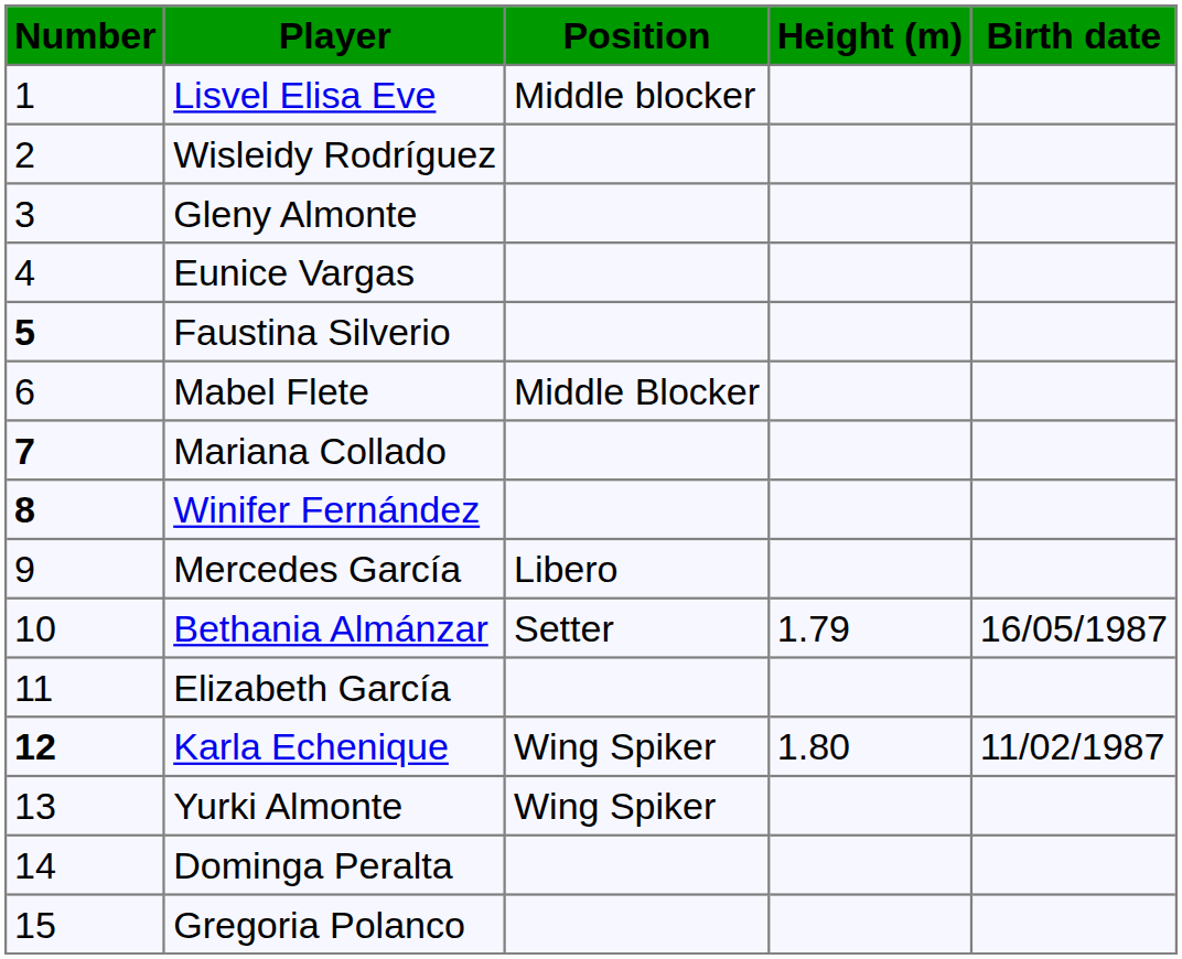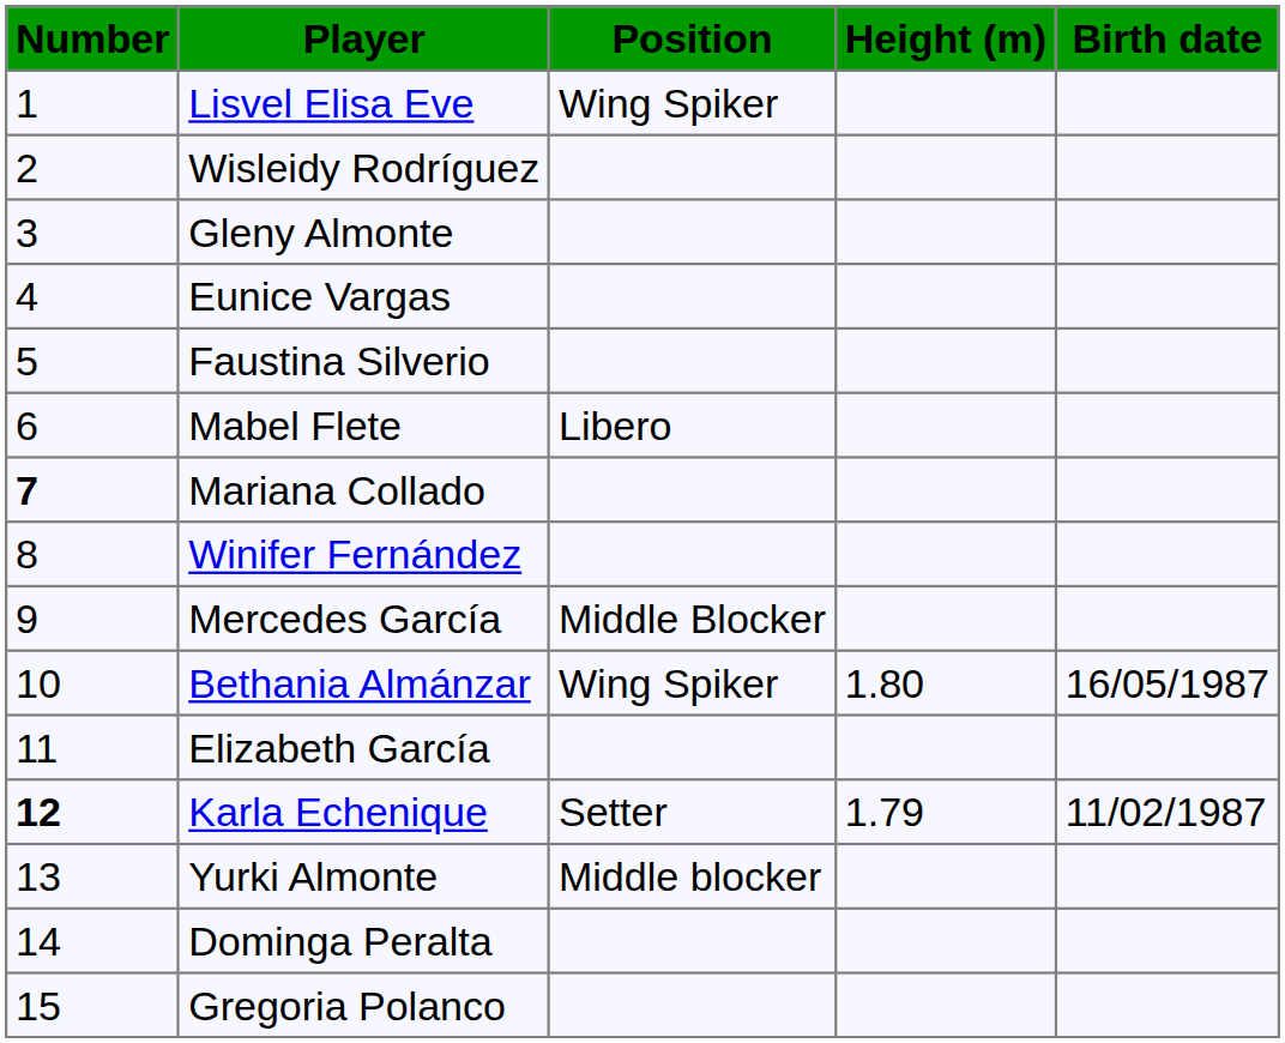 <table bgcolor="#f7f8ff" cellpadding="3" cellspacing="0" border="1" style="font-size: 95%; border: gray solid 1px; border-collapse: collapse;">
 <tr bgcolor="#009900">
 <td align=center><strong>Number</strong></td>
 <td align=center><strong>Player</strong></td>
 <td align=center><strong>Position</strong></td>
 <td align=center><strong>Height (m)</strong></td>
 <td align=center><strong>Birth date</strong></td>
 </tr>
 <tr align=left>
 <td>1</td>
 <td> <a href='#'>Lisvel Elisa Eve</a></td>
-<td>Middle blocker</td>
+<td>Wing Spiker</td>
 <td></td>
 <td></td>
 </tr>
 <tr align="left">
 <td>2</td>
 <td> Wisleidy Rodríguez</td>
 <td></td>
 <td></td>
 <td></td>
 </tr>
 <tr align="left">
 <td>3</td>
 <td> Gleny Almonte</td>
 <td></td>
 <td></td>
 <td></td>
 </tr>
 <tr align="left">
 <td>4</td>
 <td> Eunice Vargas</td>
 <td></td>
 <td></td>
 <td></td>
 </tr>
 <tr align="left">
-<td><strong>5</strong></td>
+<td>5</td>
 <td> Faustina Silverio</td>
 <td></td>
 <td></td>
 <td></td>
 </tr>
 <tr align="left">
 <td>6</td>
 <td>  Mabel Flete</td>
-<td>Middle Blocker</td>
+<td>Libero</td>
 <td></td>
 <td></td>
 </tr>
 <tr align="left">
 <td><strong>7</strong></td>
 <td> Mariana Collado</td>
 <td></td>
 <td></td>
 <td></td>
 </tr>
 <tr align="left">
-<td><strong>8</strong></td>
+<td>8</td>
 <td> <a href='#'>Winifer Fernández</a></td>
 <td></td>
 <td></td>
 <td></td>
 </tr>
 <tr align="left">
 <td>9</td>
 <td> Mercedes García</td>
-<td>Libero</td>
+<td>Middle Blocker</td>
 <td></td>
 <td></td>
 </tr>
 <tr align="left">
 <td>10</td>
 <td> <a href='#'>Bethania Almánzar</a></td>
-<td>Setter</td>
-<td>1.79</td>
+<td>Wing Spiker</td>
+<td>1.80</td>
 <td>16/05/1987</td>
 </tr>
 <tr align="left">
 <td>11</td>
 <td> Elizabeth García</td>
 <td></td>
 <td></td>
 <td></td>
 </tr>
 <tr align="left">
 <td><strong>12</strong></td>
 <td> <a href='#'>Karla Echenique</a></td>
-<td>Wing Spiker</td>
-<td>1.80</td>
+<td>Setter</td>
+<td>1.79</td>
 <td>11/02/1987</td>
 </tr>
 <tr align="left">
 <td>13</td>
 <td> Yurki Almonte</td>
-<td>Wing Spiker</td>
+<td>Middle blocker</td>
 <td></td>
 <td></td>
 </tr>
 <tr align="left">
 <td>14</td>
 <td> Dominga Peralta</td>
 <td></td>
 <td></td>
 <td></td>
 </tr>
 <tr align="left">
 <td>15</td>
 <td> Gregoria Polanco</td>
 <td></td>
 <td></td>
 <td></td>
 </tr>
 <tr align="left">
 </tr>
 </table>
